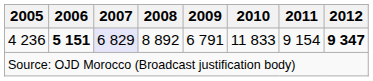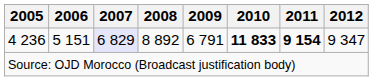 <table class="wikitable">
 <tr>
 <th>2005</th>
 <th>2006</th>
 <th>2007</th>
 <th>2008</th>
 <th>2009</th>
 <th>2010</th>
 <th>2011</th>
 <th>2012</th>
 </tr>
 <tr>
 <td>4 236</td>
-<td><strong>5 151</strong></td>
+<td>5 151</td>
 <td style="background: lavender;">6 829</td>
 <td>8 892</td>
 <td>6 791</td>
-<td>11 833</td>
-<td>9 154</td>
-<td><strong>9 347</strong></td>
+<td><strong>11 833</strong></td>
+<td><strong>9 154</strong></td>
+<td>9 347</td>
 </tr>
 <tr>
 <td colspan="8"><small>Source: OJD Morocco (Broadcast justification body)</small></td>
 </tr>
 </table>
